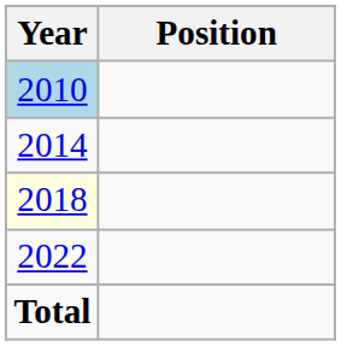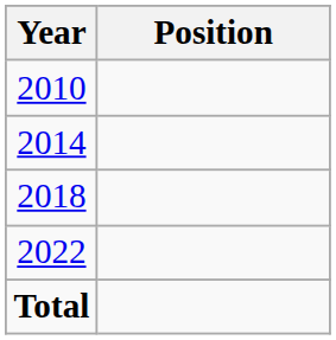 <table class="wikitable" style="text-align: center;">
 <tr>
 <th>Year</th>
 <th width="100">Position</th>
 </tr>
 <tr>
-<td style="background: lightblue;"> <a href='#'>2010</a></td>
+<td> <a href='#'>2010</a></td>
 <td></td>
 </tr>
 <tr>
 <td> <a href='#'>2014</a></td>
 <td></td>
 </tr>
 <tr>
-<td style="background: lightyellow;"> <a href='#'>2018</a></td>
+<td> <a href='#'>2018</a></td>
 <td></td>
 </tr>
 <tr>
 <td> <a href='#'>2022</a></td>
 <td></td>
 </tr>
 <tr>
 <td><strong>Total</strong></td>
 <td></td>
 </tr>
 </table>
